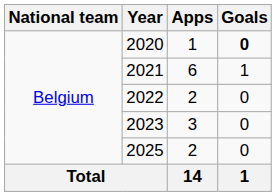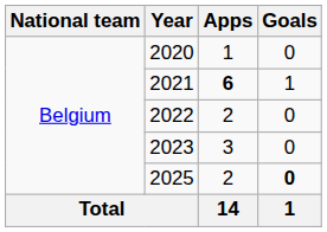 <table class=wikitable style="text-align: center">
 <tr>
 <th>National team</th>
 <th>Year</th>
 <th>Apps</th>
 <th>Goals</th>
 </tr>
 <tr>
 <td rowspan="5"><a href='#'>Belgium</a></td>
 <td>2020</td>
 <td>1</td>
-<td><strong>0</strong></td>
+<td>0</td>
 </tr>
 <tr>
 <td>2021</td>
-<td>6</td>
+<td><strong>6</strong></td>
 <td>1</td>
 </tr>
 <tr>
 <td>2022</td>
 <td>2</td>
 <td>0</td>
 </tr>
 <tr>
 <td>2023</td>
 <td>3</td>
 <td>0</td>
 </tr>
 <tr>
 <td>2025</td>
 <td>2</td>
-<td>0</td>
+<td><strong>0</strong></td>
 </tr>
 <tr>
 <th colspan="2">Total</th>
 <th>14</th>
 <th>1</th>
 </tr>
 </table>
